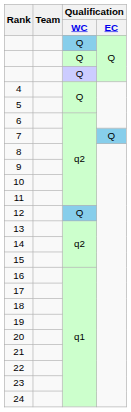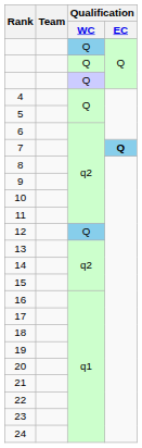 <table class="wikitable">
 <tr>
 <th rowspan=2 style="width: 40px;">Rank</th>
 <th rowspan=2>Team</th>
 <th colspan=2>Qualification</th>
 </tr>
 <tr>
 <th><a href='#'>WC</a></th>
 <th><a href='#'>EC</a></th>
 </tr>
 <tr>
 <td style="text-align: center;"></td>
 <td></td>
 <td align=center bgcolor=skyblue>Q</td>
 <td rowspan=3 align=center bgcolor=#CCFFCC>Q</td>
 </tr>
 <tr>
 <td style="text-align: center;"></td>
 <td></td>
 <td align=center bgcolor=CCFFCC>Q</td>
 </tr>
 <tr>
 <td style="text-align: center;"></td>
 <td></td>
 <td align=center bgcolor=#CCCCFF>Q</td>
 </tr>
 <tr>
 <td style="text-align: center;">4</td>
 <td></td>
 <td rowspan=2 align=center bgcolor=CCFFCC>Q</td>
 </tr>
 <tr>
 <td style="text-align: center;">5</td>
 <td></td>
 </tr>
 <tr>
 <td style="text-align: center;">6</td>
 <td></td>
 <td rowspan=6 align=center bgcolor=CCFFCC>q2</td>
 </tr>
 <tr>
 <td style="text-align: center;">7</td>
 <td></td>
-<td align=center bgcolor=skyblue>Q</td>
+<td align=center bgcolor=skyblue><strong>Q</strong></td>
 </tr>
 <tr>
 <td style="text-align: center;">8</td>
 <td></td>
 </tr>
 <tr>
 <td style="text-align: center;">9</td>
 <td></td>
 </tr>
 <tr>
 <td style="text-align: center;">10</td>
 <td></td>
 </tr>
 <tr>
 <td style="text-align: center;">11</td>
 <td></td>
 </tr>
 <tr>
 <td style="text-align: center;">12</td>
 <td></td>
 <td align=center bgcolor=skyblue>Q</td>
 </tr>
 <tr>
 <td style="text-align: center;">13</td>
 <td></td>
 <td rowspan=3 align=center bgcolor=CCFFCC>q2</td>
 </tr>
 <tr>
 <td style="text-align: center;">14</td>
 <td></td>
 </tr>
 <tr>
 <td style="text-align: center;">15</td>
 <td></td>
 </tr>
 <tr>
 <td style="text-align: center;">16</td>
 <td></td>
 <td rowspan=9 align=center bgcolor=CCFFCC>q1</td>
 </tr>
 <tr>
 <td style="text-align: center;">17</td>
 <td></td>
 </tr>
 <tr>
 <td style="text-align: center;">18</td>
 <td></td>
 </tr>
 <tr>
 <td style="text-align: center;">19</td>
 <td></td>
 </tr>
 <tr>
 <td style="text-align: center;">20</td>
 <td></td>
 </tr>
 <tr>
 <td style="text-align: center;">21</td>
 <td></td>
 </tr>
 <tr>
 <td style="text-align: center;">22</td>
 <td></td>
 </tr>
 <tr>
 <td style="text-align: center;">23</td>
 <td></td>
 </tr>
 <tr>
 <td style="text-align: center;">24</td>
 <td></td>
 </tr>
 </table>
